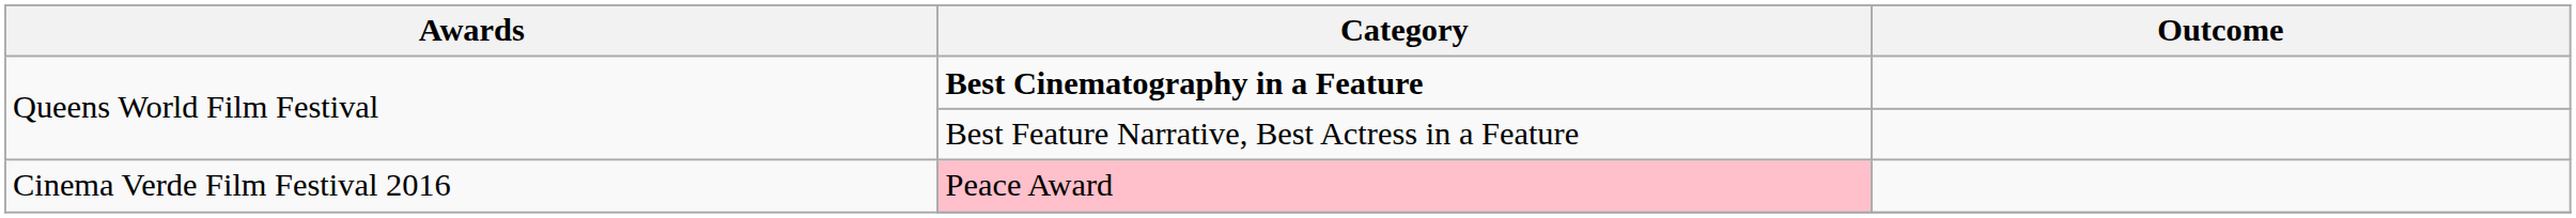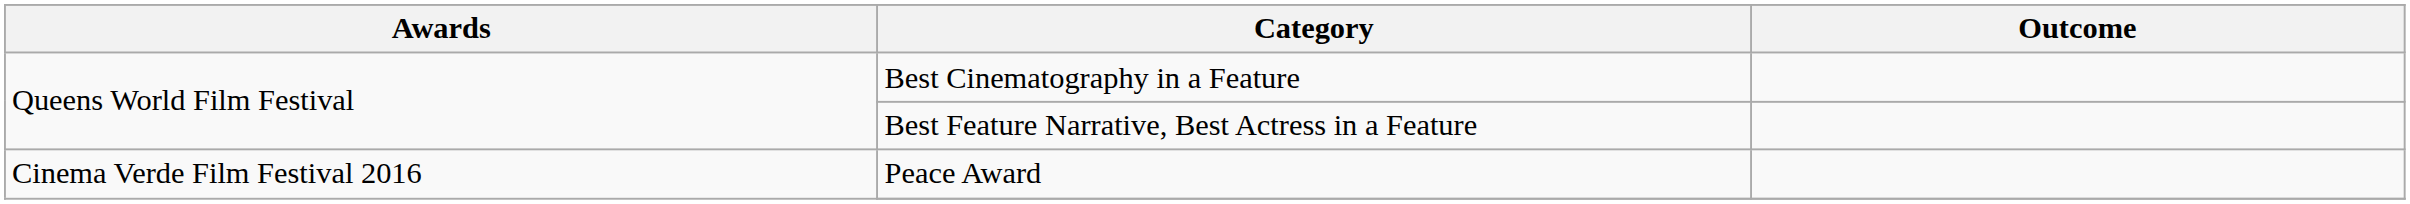 <table class="wikitable" style="width:100%;">
 <tr>
 <th style="width:20%;">Awards</th>
 <th style="width:20%;">Category</th>
 <th style="width:15%;">Outcome</th>
 </tr>
 <tr>
 <td rowspan = '2'>Queens World Film Festival</td>
-<td><strong>Best Cinematography in a Feature</strong></td>
+<td>Best Cinematography in a Feature</td>
 <td></td>
 </tr>
 <tr>
 <td>Best Feature Narrative, Best Actress in a Feature</td>
 <td></td>
 </tr>
 <tr>
 <td rowspan = '2'>Cinema Verde Film Festival 2016</td>
-<td style="background: pink;">Peace Award  </td>
+<td>Peace Award  </td>
 <td></td>
 </tr>
 <tr>
 </tr>
 </table>
